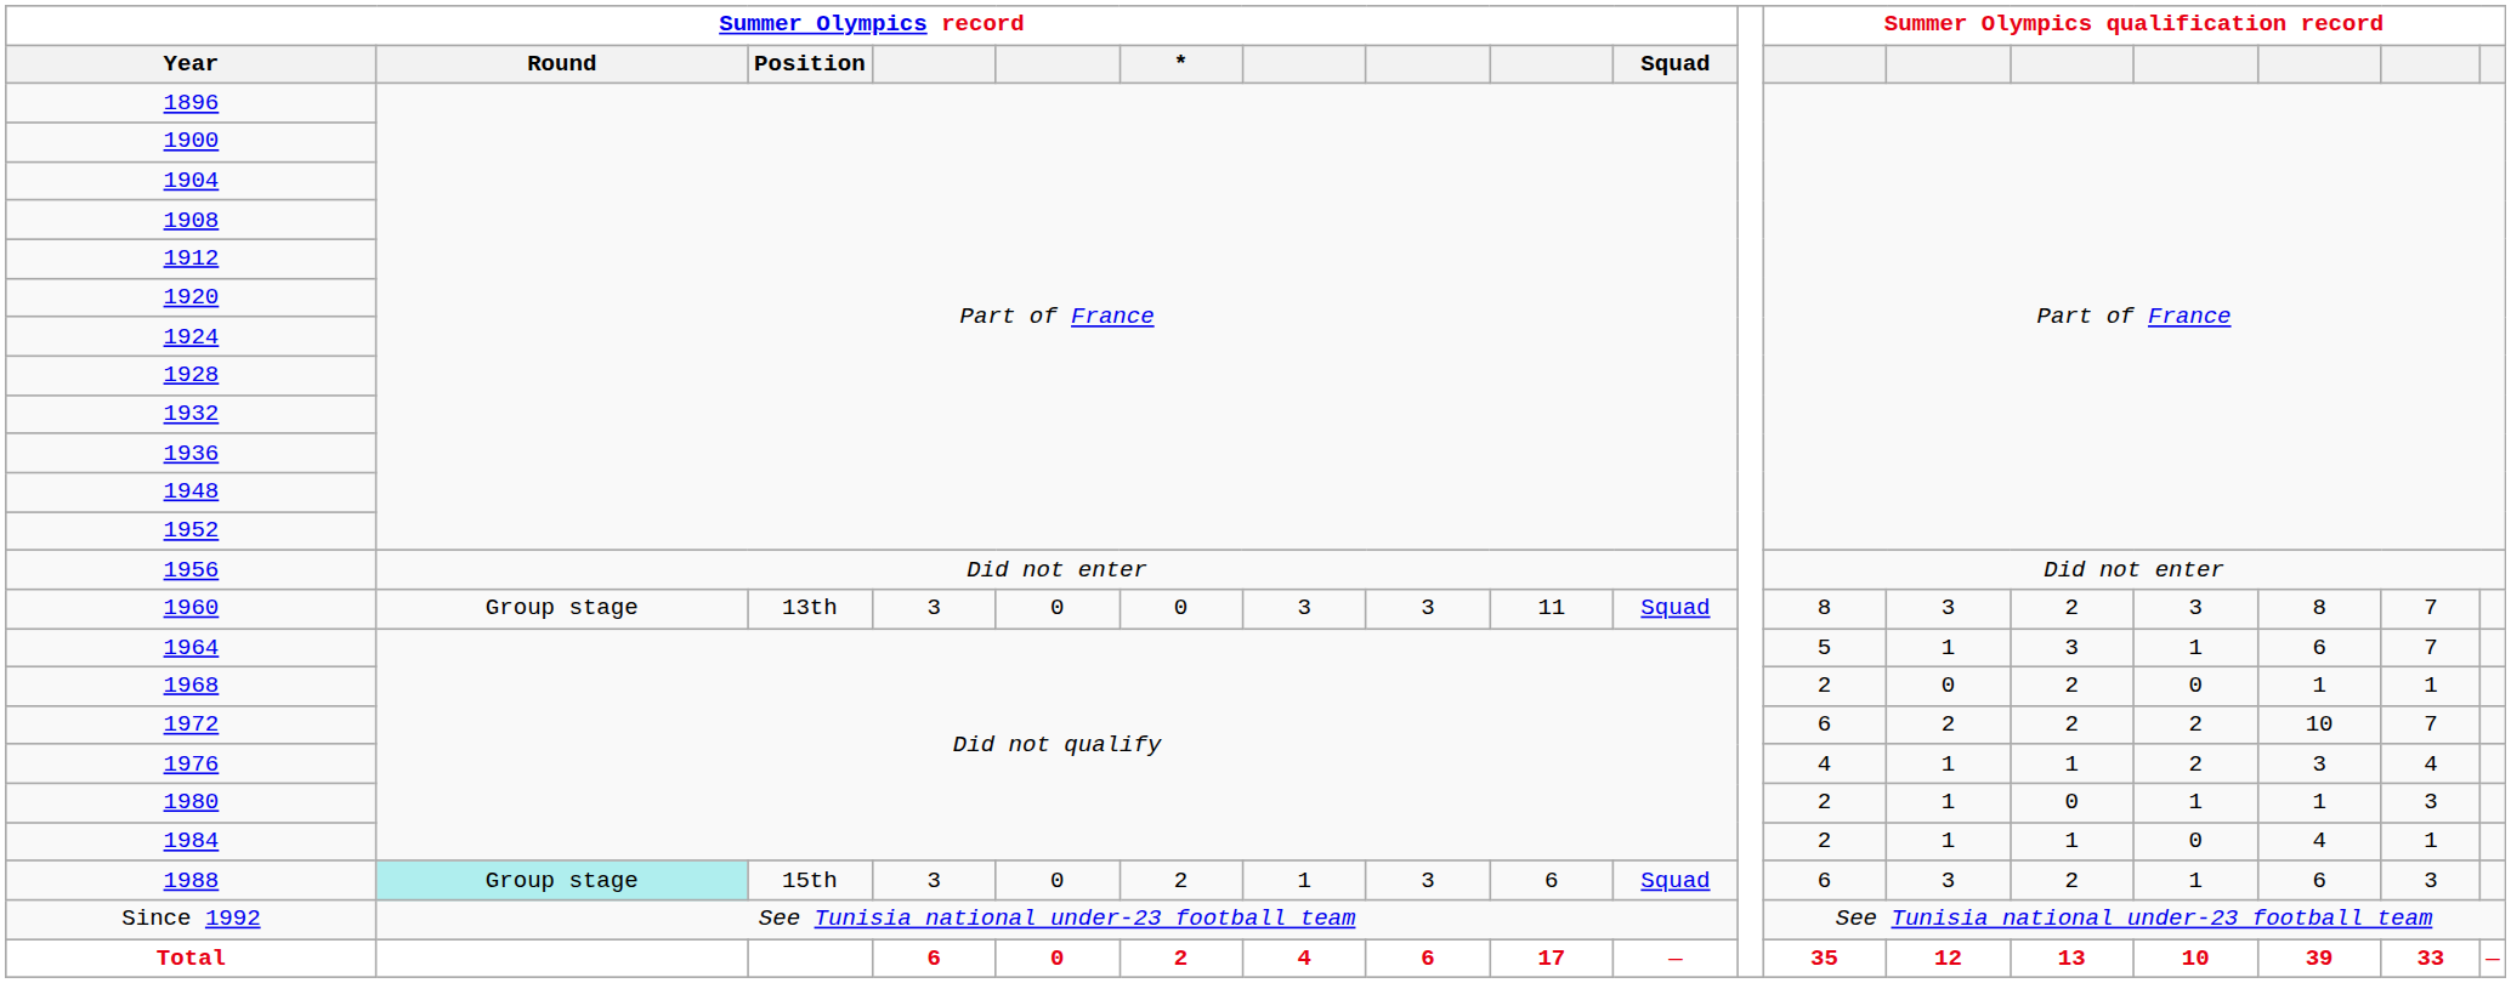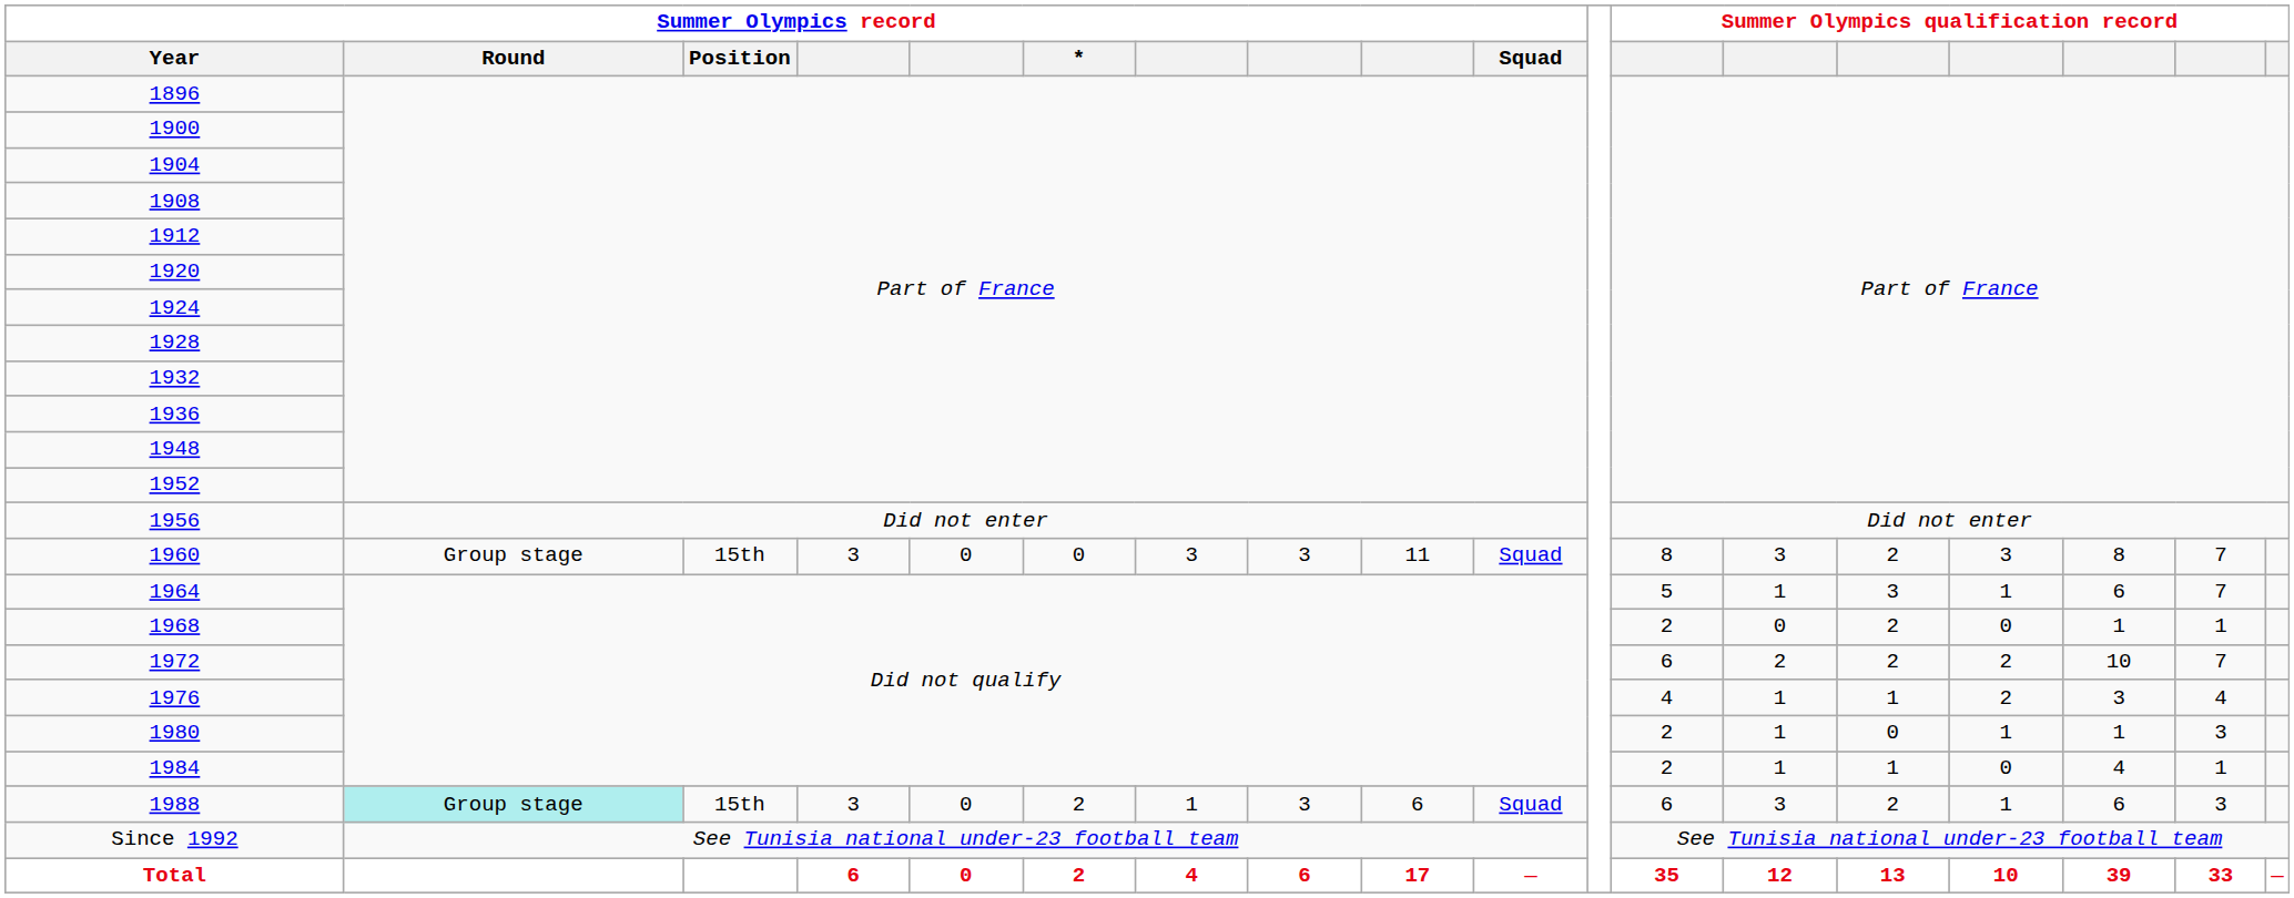 <table class="wikitable" class="wikitable" style="font-size:90%; text-align:center; width:100%">
 <tr>
 <th colspan="10" style="background:#FFFFFF; color:#E70013; "><a href='#'><span>Summer Olympics</span></a> record</th>
 <th rowspan="35" style="width:1%;background:white"></th>
 <th colspan="7" style="background:#FFFFFF; color:#E70013; ">Summer Olympics qualification record</th>
 </tr>
 <tr>
 <th width="15%">Year</th>
 <th width="15%">Round</th>
 <th width="5%">Position</th>
 <th width="5%"></th>
 <th width="5%"></th>
 <th width="5%">*</th>
 <th width="5%"></th>
 <th width="5%"></th>
 <th width="5%"></th>
 <th width="5%">Squad</th>
 <th width="5%"></th>
 <th width="5%"></th>
 <th width="5%"></th>
 <th width="5%"></th>
 <th width="5%"></th>
 <th width="5%"></th>
 <th width="5%"></th>
 </tr>
 <tr>
 <td> <a href='#'>1896</a></td>
 <td colspan="9" rowspan="12"><em>Part of <a href='#'>France</a></em></td>
 <td colspan="7" rowspan="12"><em>Part of <a href='#'>France</a></em></td>
 </tr>
 <tr>
 <td> <a href='#'>1900</a></td>
 </tr>
 <tr>
 <td> <a href='#'>1904</a></td>
 </tr>
 <tr>
 <td> <a href='#'>1908</a></td>
 </tr>
 <tr>
 <td> <a href='#'>1912</a></td>
 </tr>
 <tr>
 <td> <a href='#'>1920</a></td>
 </tr>
 <tr>
 <td> <a href='#'>1924</a></td>
 </tr>
 <tr>
 <td> <a href='#'>1928</a></td>
 </tr>
 <tr>
 <td> <a href='#'>1932</a></td>
 </tr>
 <tr>
 <td> <a href='#'>1936</a></td>
 </tr>
 <tr>
 <td> <a href='#'>1948</a></td>
 </tr>
 <tr>
 <td> <a href='#'>1952</a></td>
 </tr>
 <tr>
 <td> <a href='#'>1956</a></td>
 <td colspan="9"><em>Did not enter</em></td>
 <td colspan="7"><em>Did not enter</em></td>
 </tr>
 <tr>
 <td> <a href='#'>1960</a></td>
 <td>Group stage</td>
-<td>13th</td>
+<td>15th</td>
 <td>3</td>
 <td>0</td>
 <td>0</td>
 <td>3</td>
 <td>3</td>
 <td>11</td>
 <td><a href='#'>Squad</a></td>
 <td>8</td>
 <td>3</td>
 <td>2</td>
 <td>3</td>
 <td>8</td>
 <td>7</td>
 <td></td>
 </tr>
 <tr>
 <td> <a href='#'>1964</a></td>
 <td colspan="9" rowspan="6"><em>Did not qualify</em></td>
 <td>5</td>
 <td>1</td>
 <td>3</td>
 <td>1</td>
 <td>6</td>
 <td>7</td>
 <td></td>
 </tr>
 <tr>
 <td> <a href='#'>1968</a></td>
 <td>2</td>
 <td>0</td>
 <td>2</td>
 <td>0</td>
 <td>1</td>
 <td>1</td>
 <td></td>
 </tr>
 <tr>
 <td> <a href='#'>1972</a></td>
 <td>6</td>
 <td>2</td>
 <td>2</td>
 <td>2</td>
 <td>10</td>
 <td>7</td>
 <td></td>
 </tr>
 <tr>
 <td> <a href='#'>1976</a></td>
 <td>4</td>
 <td>1</td>
 <td>1</td>
 <td>2</td>
 <td>3</td>
 <td>4</td>
 <td></td>
 </tr>
 <tr>
 <td> <a href='#'>1980</a></td>
 <td>2</td>
 <td>1</td>
 <td>0</td>
 <td>1</td>
 <td>1</td>
 <td>3</td>
 <td></td>
 </tr>
 <tr>
 <td> <a href='#'>1984</a></td>
 <td>2</td>
 <td>1</td>
 <td>1</td>
 <td>0</td>
 <td>4</td>
 <td>1</td>
 <td></td>
 </tr>
 <tr>
 <td> <a href='#'>1988</a></td>
 <td style="background: paleturquoise;">Group stage</td>
 <td>15th</td>
 <td>3</td>
 <td>0</td>
 <td>2</td>
 <td>1</td>
 <td>3</td>
 <td>6</td>
 <td><a href='#'>Squad</a></td>
 <td>6</td>
 <td>3</td>
 <td>2</td>
 <td>1</td>
 <td>6</td>
 <td>3</td>
 <td></td>
 </tr>
 <tr>
 <td>Since  <a href='#'>1992</a></td>
 <td colspan="9"><em>See <a href='#'>Tunisia national under-23 football team</a></em></td>
 <td colspan="7"><em>See <a href='#'>Tunisia national under-23 football team</a></em></td>
 </tr>
 <tr style="color:white;">
 <th style="background:#FFFFFF; color:#E70013; ">Total</th>
 <th style="background:#FFFFFF; color:#E70013; "></th>
 <th style="background:#FFFFFF; color:#E70013; "></th>
 <th style="background:#FFFFFF; color:#E70013; ">6</th>
 <th style="background:#FFFFFF; color:#E70013; ">0</th>
 <th style="background:#FFFFFF; color:#E70013; ">2</th>
 <th style="background:#FFFFFF; color:#E70013; ">4</th>
 <th style="background:#FFFFFF; color:#E70013; ">6</th>
 <th style="background:#FFFFFF; color:#E70013; ">17</th>
 <td style="background:#FFFFFF; color:#E70013; ">—</td>
 <th style="background:#FFFFFF; color:#E70013; ">35</th>
 <th style="background:#FFFFFF; color:#E70013; ">12</th>
 <th style="background:#FFFFFF; color:#E70013; ">13</th>
 <th style="background:#FFFFFF; color:#E70013; ">10</th>
 <th style="background:#FFFFFF; color:#E70013; ">39</th>
 <th style="background:#FFFFFF; color:#E70013; ">33</th>
 <td style="background:#FFFFFF; color:#E70013; ">—</td>
 </tr>
 </table>
